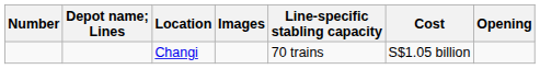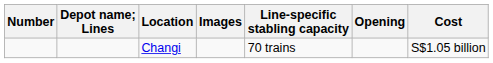 <table class="wikitable" style="color: black; border-collapse: collapse; font-size: 95%">
 <tr>
 <th scope="col" style="color: black; background:#">Number</th>
 <th scope="col" style="color: black; background:#">Depot name;<br>Lines</th>
 <th scope="col" style="color: black; background:#">Location</th>
 <th scope="col" style="color: black; background:#">Images</th>
 <th scope="col" style="color: black; background:#">Line-specific<br>stabling capacity</th>
+<th scope="col" style="color: black; background:#">Opening</th>
 <th scope="col" style="color: black; background:#">Cost</th>
-<th scope="col" style="color: black; background:#">Opening</th>
 </tr>
 <tr>
 <td></td>
 <td> </td>
 <td><a href='#'>Changi</a></td>
 <td></td>
 <td>70 trains</td>
+<td></td>
 <td>S$1.05 billion</td>
-<td></td>
 </tr>
 </table>
